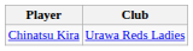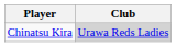 <table class="wikitable">
 <tr>
 <th>Player</th>
 <th>Club</th>
 </tr>
 <tr>
 <td> <a href='#'>Chinatsu Kira</a></td>
-<td><a href='#'>Urawa Reds Ladies</a></td>
+<td style="background: lightgrey;"><a href='#'>Urawa Reds Ladies</a></td>
 </tr>
 </table>
